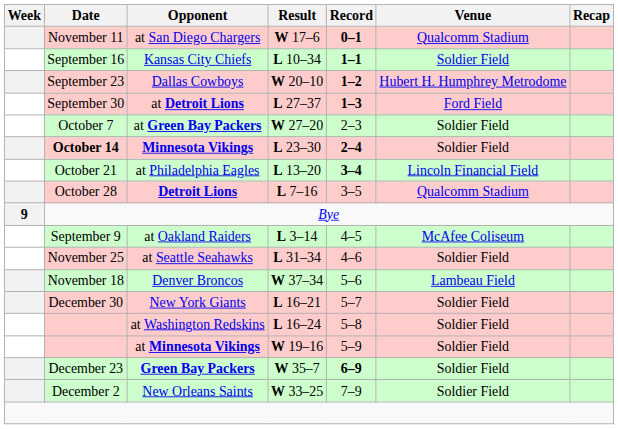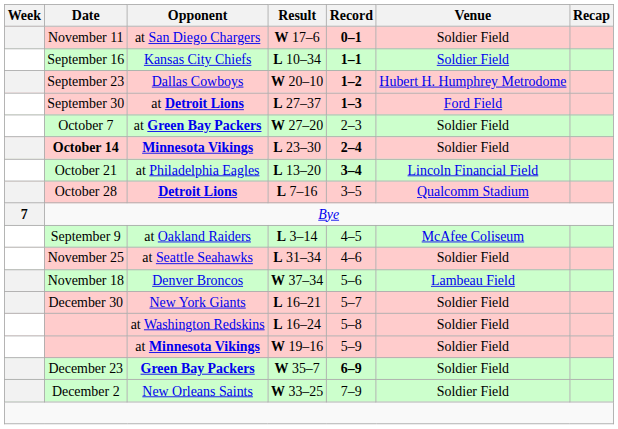 <table class="wikitable" style="text-align:center">
 <tr>
 <th>Week</th>
 <th>Date</th>
 <th>Opponent</th>
 <th>Result</th>
 <th>Record</th>
 <th>Venue</th>
 <th>Recap</th>
 </tr>
 <tr style="background: #fcc;">
 <th></th>
 <td>November 11</td>
 <td>at <a href='#'>San Diego Chargers</a></td>
 <td><strong>W</strong> 17–6</td>
 <td><strong>0–1</strong></td>
-<td><a href='#'>Qualcomm Stadium</a></td>
+<td>Soldier Field</td>
 <td></td>
 </tr>
 <tr style="background: #cfc;">
 <th style="background:white;color:#03202F"></th>
 <td>September 16</td>
 <td><a href='#'>Kansas City Chiefs</a></td>
 <td><strong>L</strong> 10–34</td>
 <td><strong>1–1</strong></td>
 <td><a href='#'>Soldier Field</a></td>
 <td></td>
 </tr>
 <tr style="background: #fcc;">
 <th></th>
 <td>September 23</td>
 <td><a href='#'>Dallas Cowboys</a></td>
 <td><strong>W</strong> 20–10</td>
 <td><strong>1–2</strong></td>
 <td><a href='#'>Hubert H. Humphrey Metrodome</a></td>
 <td></td>
 </tr>
 <tr style="background: #fcc;">
 <th style="background:white;color:#03202F"></th>
 <td>September 30</td>
 <td>at <strong><a href='#'>Detroit Lions</a></strong></td>
 <td><strong>L</strong> 27–37</td>
 <td><strong>1–3</strong></td>
 <td><a href='#'>Ford Field</a></td>
 <td></td>
 </tr>
 <tr style="background: #cfc;">
 <th style="background:white;color:#03202F"></th>
 <td>October 7</td>
 <td>at <strong><a href='#'>Green Bay Packers</a></strong></td>
 <td><strong>W</strong> 27–20</td>
 <td>2–3</td>
 <td>Soldier Field</td>
 <td></td>
 </tr>
 <tr style="background: #fcc;">
 <th></th>
 <td><strong>October 14</strong></td>
 <td><strong><a href='#'>Minnesota Vikings</a></strong></td>
 <td><strong>L</strong> 23–30</td>
 <td><strong>2–4</strong></td>
 <td>Soldier Field</td>
 <td></td>
 </tr>
 <tr style="background: #cfc;">
 <th style="background:white;color:#03202F"></th>
 <td>October 21</td>
 <td>at <a href='#'>Philadelphia Eagles</a></td>
 <td><strong>L</strong> 13–20</td>
 <td><strong>3–4</strong></td>
 <td><a href='#'>Lincoln Financial Field</a></td>
 <td></td>
 </tr>
 <tr style="background: #fcc;">
 <th></th>
 <td>October 28</td>
 <td><strong><a href='#'>Detroit Lions</a></strong></td>
 <td><strong>L</strong> 7–16</td>
 <td>3–5</td>
 <td><a href='#'>Qualcomm Stadium</a></td>
 <td></td>
 </tr>
 <tr>
-<th>9</th>
+<th>7</th>
 <td colspan="8" align="center" valign="middle"><em><a href='#'>Bye</a></em></td>
 </tr>
 <tr style="background: #cfc;">
 <th style="background:white;color:#03202F"></th>
 <td>September 9</td>
 <td>at <a href='#'>Oakland Raiders</a></td>
 <td><strong>L</strong> 3–14</td>
 <td>4–5</td>
 <td><a href='#'>McAfee Coliseum</a></td>
 <td></td>
 </tr>
 <tr style="background: #fcc;">
 <th style="background:white;color:#03202F"></th>
 <td>November 25</td>
 <td>at <a href='#'>Seattle Seahawks</a></td>
 <td><strong>L</strong> 31–34</td>
 <td>4–6</td>
 <td>Soldier Field</td>
 <td></td>
 </tr>
 <tr style="background: #cfc;">
 <th></th>
 <td>November 18</td>
 <td><a href='#'>Denver Broncos</a></td>
 <td><strong>W</strong> 37–34 </td>
 <td>5–6</td>
 <td><a href='#'>Lambeau Field</a></td>
 <td></td>
 </tr>
 <tr style="background: #fcc;">
 <th></th>
 <td>December 30</td>
 <td><a href='#'>New York Giants</a></td>
 <td><strong>L</strong> 16–21</td>
 <td>5–7</td>
 <td>Soldier Field</td>
 <td></td>
 </tr>
 <tr style="background: #fcc;">
 <th style="background:white;color:#03202F"></th>
 <td></td>
 <td>at <a href='#'>Washington Redskins</a></td>
 <td align="center"><strong>L</strong> 16–24</td>
 <td align="center">5–8</td>
 <td>Soldier Field</td>
 <td></td>
 </tr>
 <tr style="background: #fcc;">
 <th style="background:white;color:#03202F"></th>
 <td></td>
 <td>at <strong><a href='#'>Minnesota Vikings</a></strong></td>
 <td><strong>W</strong> 19–16</td>
 <td>5–9</td>
 <td>Soldier Field</td>
 <td></td>
 </tr>
 <tr style="background: #cfc;">
 <th></th>
 <td>December 23</td>
 <td><strong><a href='#'>Green Bay Packers</a></strong></td>
 <td><strong>W</strong> 35–7</td>
 <td><strong>6–9</strong></td>
 <td>Soldier Field</td>
 <td></td>
 </tr>
 <tr style="background: #cfc;">
 <th></th>
 <td>December 2</td>
 <td><a href='#'>New Orleans Saints</a></td>
 <td><strong>W</strong> 33–25</td>
 <td>7–9</td>
 <td>Soldier Field</td>
 <td></td>
 </tr>
 <tr>
 <td colspan="7"><br></td>
 </tr>
 </table>
